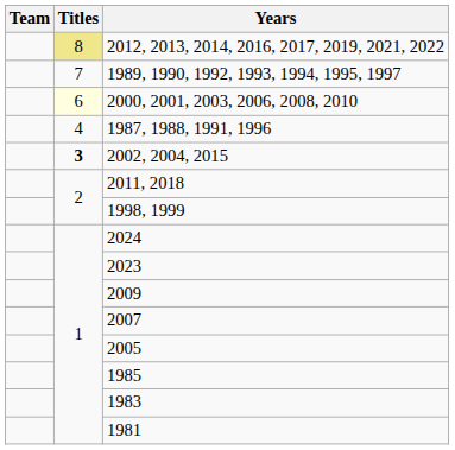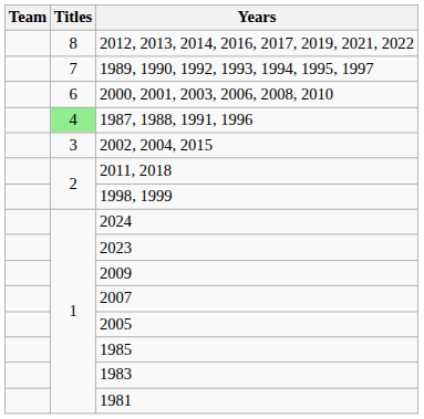 <table class="wikitable sortable" style="text-align:center">
 <tr>
 <th>Team</th>
 <th>Titles</th>
 <th>Years</th>
 </tr>
 <tr>
 <td style=><strong></strong></td>
-<td style="background: khaki;">8</td>
+<td>8</td>
 <td align="left">2012, 2013, 2014, 2016, 2017, 2019, 2021, 2022</td>
 </tr>
 <tr>
 <td style=><strong></strong></td>
 <td>7</td>
 <td align=left>1989, 1990, 1992, 1993, 1994, 1995, 1997</td>
 </tr>
 <tr>
 <td style=><strong></strong></td>
-<td style="background: lightyellow;">6</td>
+<td>6</td>
 <td align="left">2000, 2001, 2003, 2006, 2008, 2010</td>
 </tr>
 <tr>
 <td style=><strong></strong></td>
-<td>4</td>
+<td style="background: lightgreen;">4</td>
 <td align=left>1987, 1988, 1991, 1996</td>
 </tr>
 <tr>
 <td style=><strong></strong></td>
-<td><strong>3</strong></td>
+<td>3</td>
 <td align=left>2002, 2004, 2015</td>
 </tr>
 <tr>
 <td style=><strong></strong></td>
 <td rowspan="2">2</td>
 <td align=left>2011, 2018</td>
 </tr>
 <tr>
 <td style=><strong></strong></td>
 <td align=left>1998, 1999</td>
 </tr>
 <tr>
 <td style=><strong></strong></td>
 <td rowspan="8">1</td>
 <td align=left>2024</td>
 </tr>
 <tr>
 <td style=><strong></strong></td>
 <td align=left>2023</td>
 </tr>
 <tr>
 <td style=><strong></strong></td>
 <td align=left>2009</td>
 </tr>
 <tr>
 <td style=><strong></strong></td>
 <td align=left>2007</td>
 </tr>
 <tr>
 <td style=><strong></strong></td>
 <td align=left>2005</td>
 </tr>
 <tr>
 <td style=><strong></strong></td>
 <td align=left>1985</td>
 </tr>
 <tr>
 <td style=><strong></strong></td>
 <td align=left>1983</td>
 </tr>
 <tr>
 <td style=><strong></strong></td>
 <td align=left>1981</td>
 </tr>
 </table>
